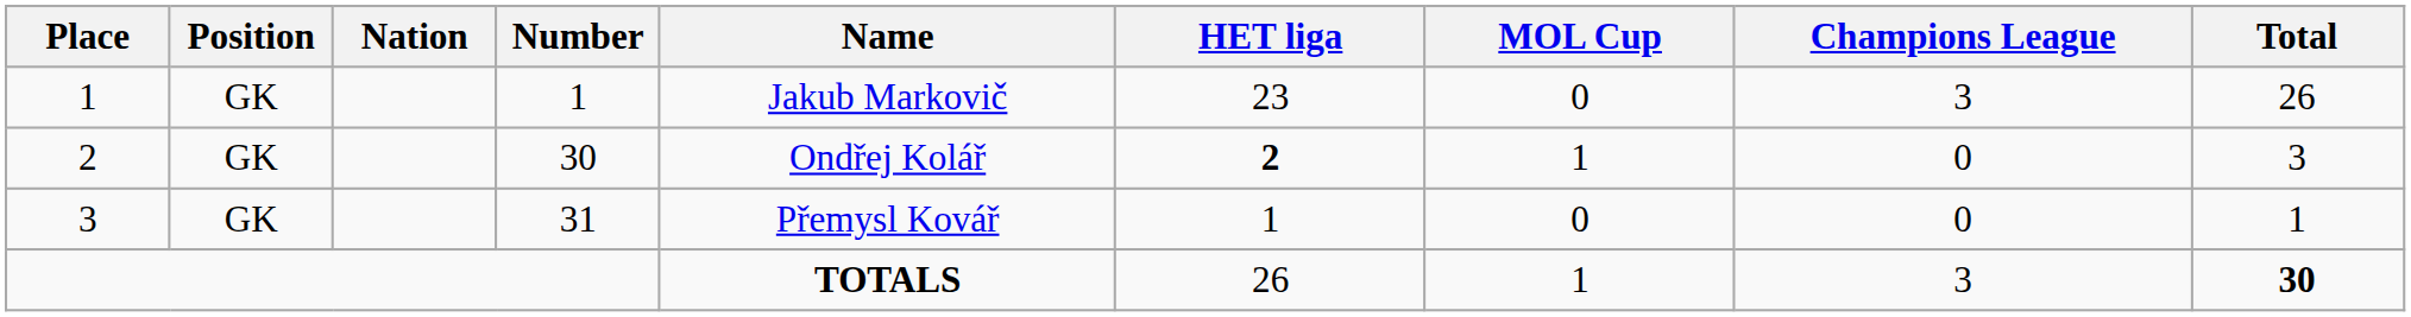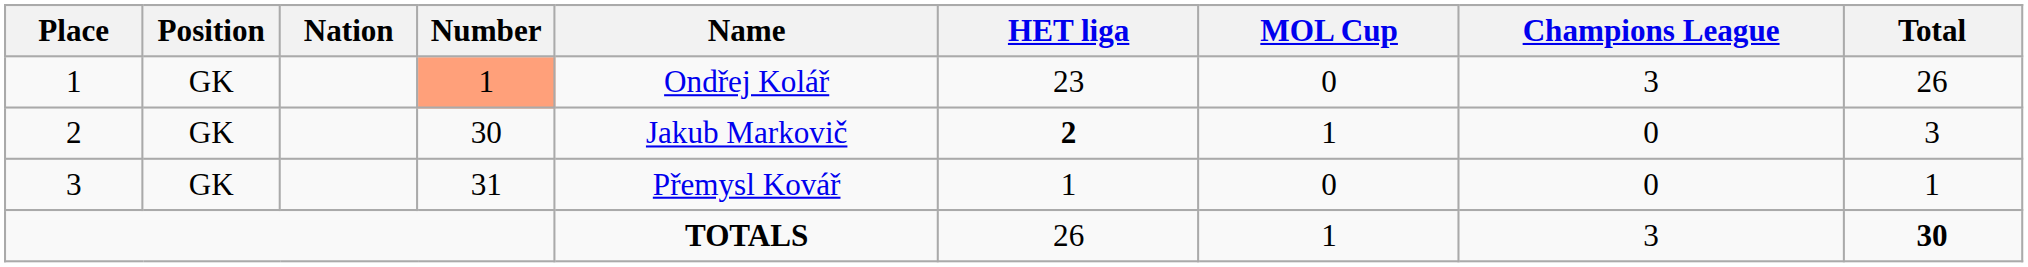 <table class="wikitable" style="font-size: 95%; text-align: center;">
 <tr>
 <th width=60>Place</th>
 <th width=60>Position</th>
 <th width=60>Nation</th>
 <th width=60>Number</th>
 <th width=180>Name</th>
 <th width=120><a href='#'>HET liga</a></th>
 <th width=120><a href='#'>MOL Cup</a></th>
 <th width=180><a href='#'>Champions League</a></th>
 <th width=80>Total</th>
 </tr>
 <tr>
 <td>1</td>
 <td>GK</td>
 <td></td>
-<td>1</td>
-<td><a href='#'>Jakub Markovič</a></td>
+<td style="background: lightsalmon;">1</td>
+<td><a href='#'>Ondřej Kolář</a></td>
 <td>23</td>
 <td>0</td>
 <td>3</td>
 <td>26</td>
 </tr>
 <tr>
 <td>2</td>
 <td>GK</td>
 <td></td>
 <td>30</td>
-<td><a href='#'>Ondřej Kolář</a></td>
+<td><a href='#'>Jakub Markovič</a></td>
 <td><strong>2</strong></td>
 <td>1</td>
 <td>0</td>
 <td>3</td>
 </tr>
 <tr>
 <td>3</td>
 <td>GK</td>
 <td></td>
 <td>31</td>
 <td><a href='#'>Přemysl Kovář</a></td>
 <td>1</td>
 <td>0</td>
 <td>0</td>
 <td>1</td>
 </tr>
 <tr>
 <td colspan="4"></td>
 <td><strong>TOTALS</strong></td>
 <td>26</td>
 <td>1</td>
 <td>3</td>
 <td><strong>30</strong></td>
 </tr>
 </table>
